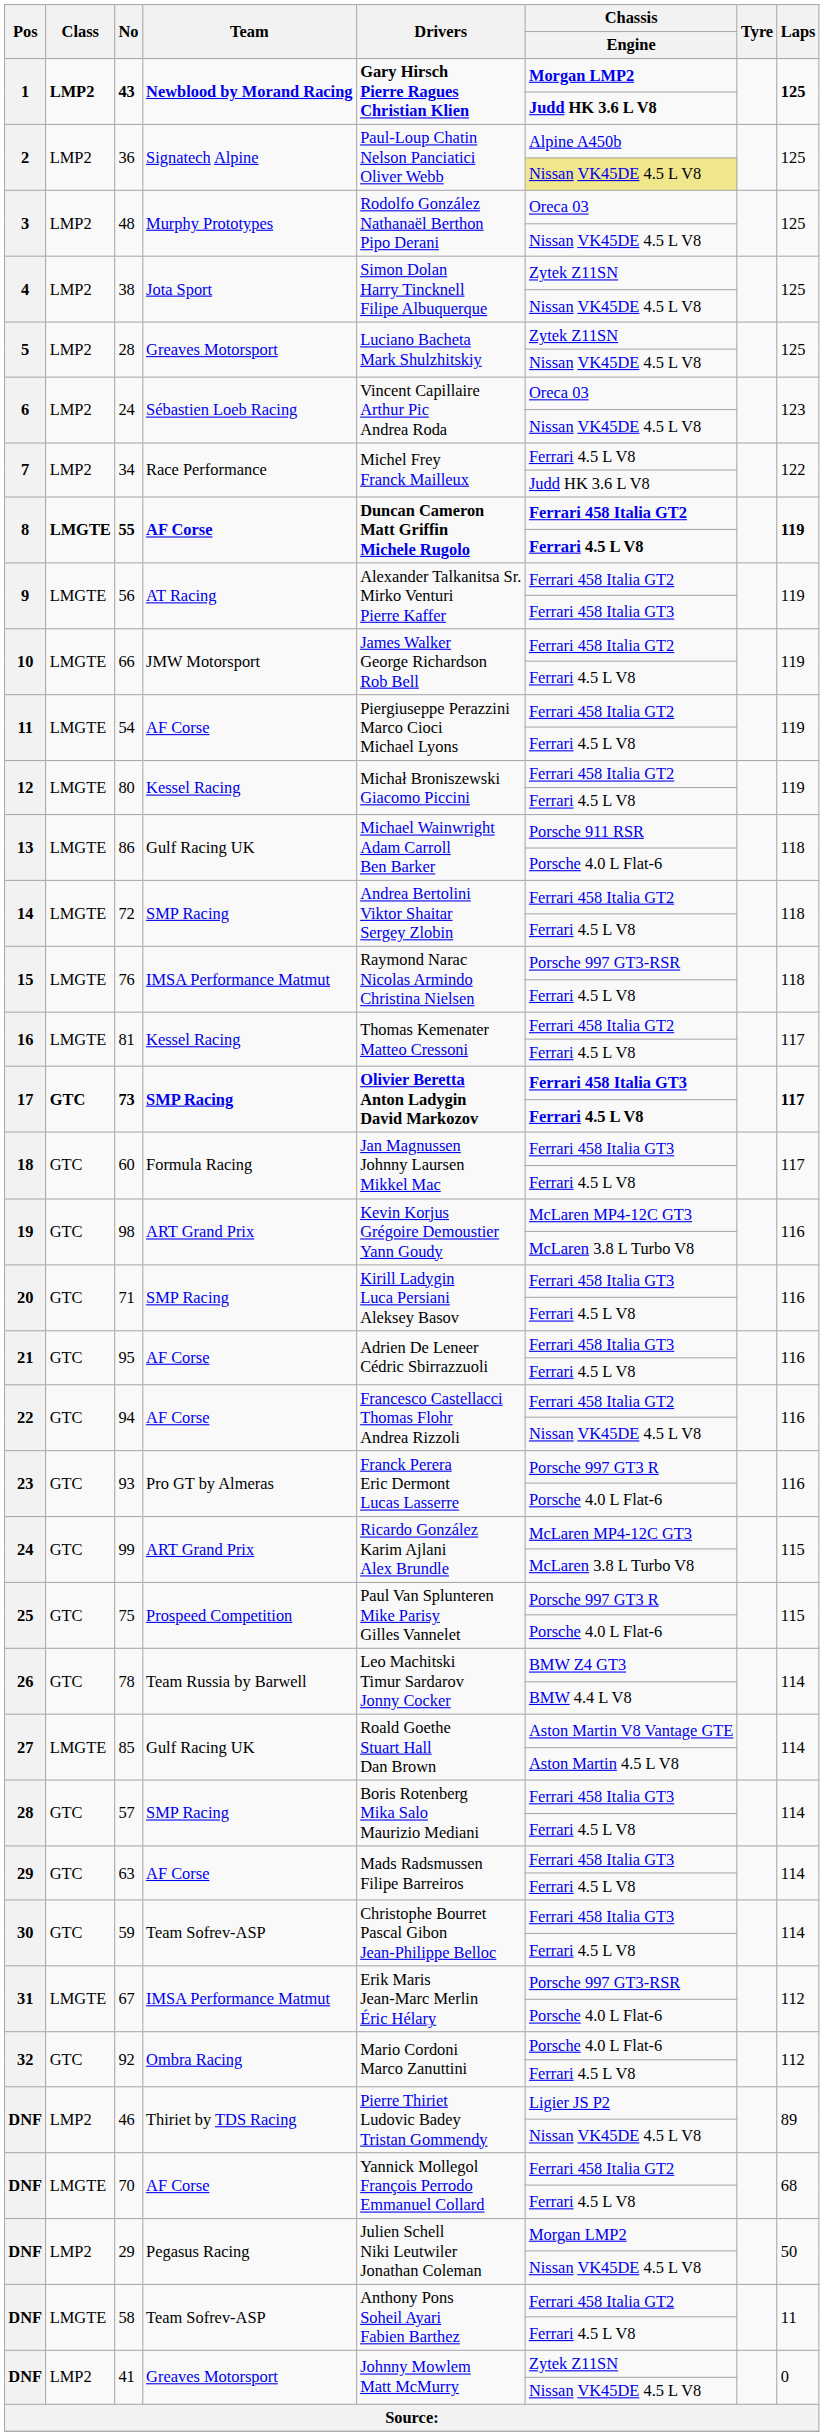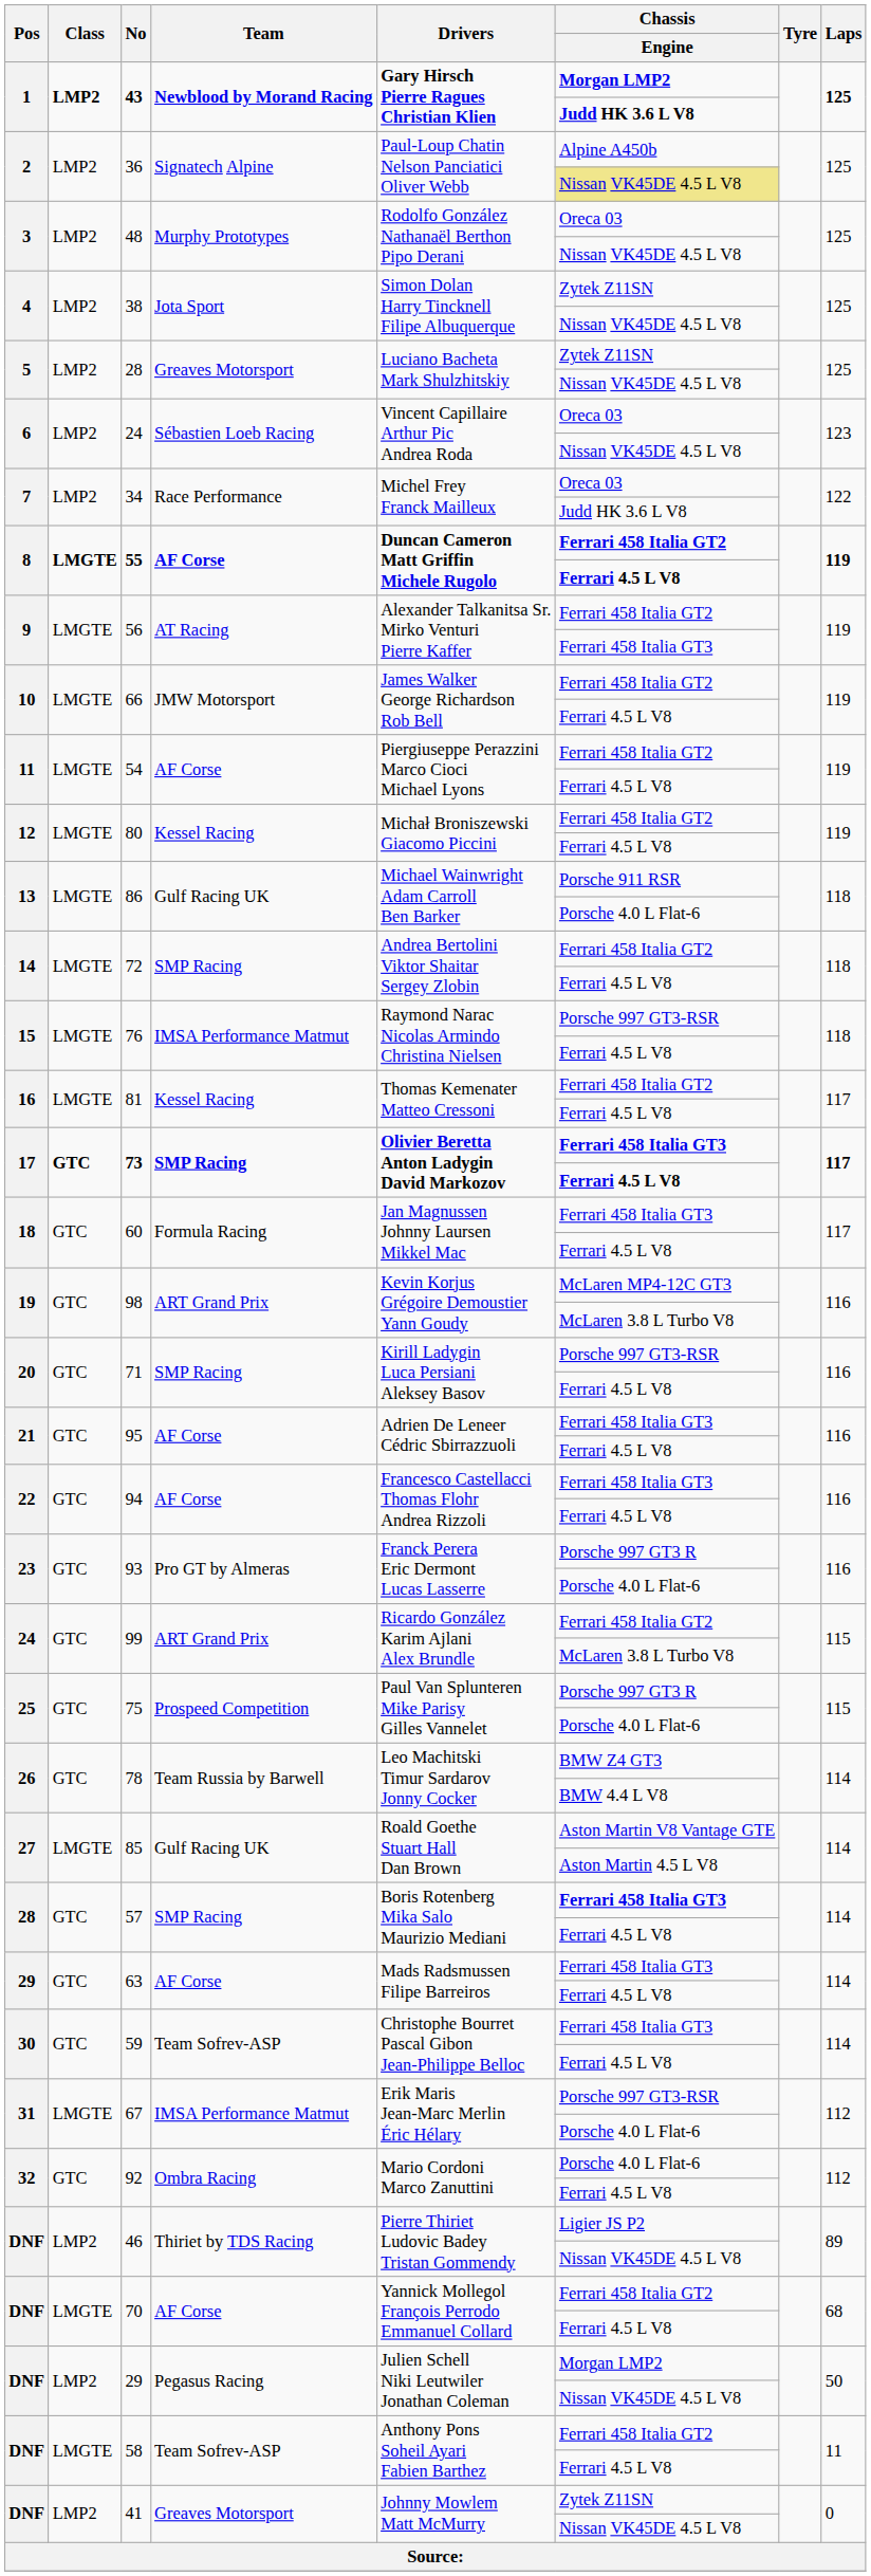 <table class="wikitable" style="font-size: 95%;">
 <tr>
 <th rowspan=2>Pos</th>
 <th rowspan=2>Class</th>
 <th rowspan=2>No</th>
 <th rowspan=2>Team</th>
 <th rowspan=2>Drivers</th>
 <th>Chassis</th>
 <th rowspan=2>Tyre</th>
 <th rowspan=2>Laps</th>
 </tr>
 <tr>
 <th>Engine</th>
 </tr>
 <tr>
 <th rowspan=2>1</th>
 <td rowspan=2><strong>LMP2</strong></td>
 <td rowspan=2><strong>43</strong></td>
 <td rowspan=2><strong> <a href='#'>Newblood by Morand Racing</a></strong></td>
 <td rowspan=2><strong> Gary Hirsch<br> <a href='#'>Pierre Ragues</a><br> <a href='#'>Christian Klien</a></strong></td>
 <td><strong><a href='#'>Morgan LMP2</a></strong></td>
 <td rowspan=2></td>
 <td rowspan=2><strong>125</strong></td>
 </tr>
 <tr>
 <td><strong><a href='#'>Judd</a> HK 3.6 L V8</strong></td>
 </tr>
 <tr>
 <th rowspan=2>2</th>
 <td rowspan=2>LMP2</td>
 <td rowspan=2>36</td>
 <td rowspan=2> <a href='#'>Signatech</a> <a href='#'>Alpine</a></td>
 <td rowspan=2> <a href='#'>Paul-Loup Chatin</a><br> <a href='#'>Nelson Panciatici</a><br> <a href='#'>Oliver Webb</a></td>
 <td><a href='#'>Alpine A450b</a></td>
 <td rowspan=2></td>
 <td rowspan=2>125</td>
 </tr>
 <tr>
 <td style="background: khaki;"><a href='#'>Nissan</a> <a href='#'>VK45DE</a> 4.5 L V8</td>
 </tr>
 <tr>
 <th rowspan=2>3</th>
 <td rowspan=2>LMP2</td>
 <td rowspan=2>48</td>
 <td rowspan=2> <a href='#'>Murphy Prototypes</a></td>
 <td rowspan=2> <a href='#'>Rodolfo González</a><br> <a href='#'>Nathanaël Berthon</a><br> <a href='#'>Pipo Derani</a></td>
 <td><a href='#'>Oreca 03</a></td>
 <td rowspan=2></td>
 <td rowspan=2>125</td>
 </tr>
 <tr>
 <td><a href='#'>Nissan</a> <a href='#'>VK45DE</a> 4.5 L V8</td>
 </tr>
 <tr>
 <th rowspan=2>4</th>
 <td rowspan=2>LMP2</td>
 <td rowspan=2>38</td>
 <td rowspan=2> <a href='#'>Jota Sport</a></td>
 <td rowspan=2> <a href='#'>Simon Dolan</a><br> <a href='#'>Harry Tincknell</a><br> <a href='#'>Filipe Albuquerque</a></td>
 <td><a href='#'>Zytek Z11SN</a></td>
 <td rowspan=2></td>
 <td rowspan=2>125</td>
 </tr>
 <tr>
 <td><a href='#'>Nissan</a> <a href='#'>VK45DE</a> 4.5 L V8</td>
 </tr>
 <tr>
 <th rowspan="2">5</th>
 <td rowspan="2">LMP2</td>
 <td rowspan="2">28</td>
 <td rowspan="2"> <a href='#'>Greaves Motorsport</a></td>
 <td rowspan="2"> <a href='#'>Luciano Bacheta</a><br> <a href='#'>Mark Shulzhitskiy</a></td>
 <td><a href='#'>Zytek Z11SN</a></td>
 <td rowspan="2"></td>
 <td rowspan="2">125</td>
 </tr>
 <tr>
 <td><a href='#'>Nissan</a> <a href='#'>VK45DE</a> 4.5 L V8</td>
 </tr>
 <tr>
 <th rowspan="2">6</th>
 <td rowspan="2">LMP2</td>
 <td rowspan="2">24</td>
 <td rowspan="2"> <a href='#'>Sébastien Loeb Racing</a></td>
 <td rowspan="2"> Vincent Capillaire<br> <a href='#'>Arthur Pic</a><br> Andrea Roda</td>
 <td><a href='#'>Oreca 03</a></td>
 <td rowspan="2"></td>
 <td rowspan="2">123</td>
 </tr>
 <tr>
 <td><a href='#'>Nissan</a> <a href='#'>VK45DE</a> 4.5 L V8</td>
 </tr>
 <tr>
 <th rowspan="2">7</th>
 <td rowspan="2">LMP2</td>
 <td rowspan="2">34</td>
 <td rowspan="2"> Race Performance</td>
 <td rowspan="2"> Michel Frey<br> <a href='#'>Franck Mailleux</a></td>
-<td><a href='#'>Ferrari</a> 4.5 L V8</td>
+<td><a href='#'>Oreca 03</a></td>
 <td rowspan="2"></td>
 <td rowspan="2">122</td>
 </tr>
 <tr>
 <td><a href='#'>Judd</a> HK 3.6 L V8</td>
 </tr>
 <tr>
 <th rowspan="2">8</th>
 <td rowspan="2"><strong>LMGTE</strong></td>
 <td rowspan="2"><strong>55</strong></td>
 <td rowspan="2"><strong> <a href='#'>AF Corse</a></strong></td>
 <td rowspan="2"><strong> Duncan Cameron<br> Matt Griffin<br> <a href='#'>Michele Rugolo</a></strong></td>
 <td><strong><a href='#'>Ferrari 458 Italia GT2</a></strong></td>
 <td rowspan="2"></td>
 <td rowspan="2"><strong>119</strong></td>
 </tr>
 <tr>
 <td><strong><a href='#'>Ferrari</a> 4.5 L V8</strong></td>
 </tr>
 <tr>
 <th rowspan=2>9</th>
 <td rowspan=2>LMGTE</td>
 <td rowspan=2>56</td>
 <td rowspan=2> <a href='#'>AT Racing</a></td>
 <td rowspan=2> Alexander Talkanitsa Sr.<br> Mirko Venturi<br> <a href='#'>Pierre Kaffer</a></td>
 <td><a href='#'>Ferrari 458 Italia GT2</a></td>
 <td rowspan=2></td>
 <td rowspan=2>119</td>
 </tr>
 <tr>
 <td><a href='#'>Ferrari 458 Italia GT3</a></td>
 </tr>
 <tr>
 <th rowspan=2>10</th>
 <td rowspan=2>LMGTE</td>
 <td rowspan=2>66</td>
 <td rowspan=2> JMW Motorsport</td>
 <td rowspan=2> <a href='#'>James Walker</a><br> George Richardson<br> <a href='#'>Rob Bell</a></td>
 <td><a href='#'>Ferrari 458 Italia GT2</a></td>
 <td rowspan=2></td>
 <td rowspan=2>119</td>
 </tr>
 <tr>
 <td><a href='#'>Ferrari</a> 4.5 L V8</td>
 </tr>
 <tr>
 <th rowspan=2>11</th>
 <td rowspan=2>LMGTE</td>
 <td rowspan=2>54</td>
 <td rowspan=2> <a href='#'>AF Corse</a></td>
 <td rowspan=2> Piergiuseppe Perazzini<br> Marco Cioci<br> Michael Lyons</td>
 <td><a href='#'>Ferrari 458 Italia GT2</a></td>
 <td rowspan=2></td>
 <td rowspan=2>119</td>
 </tr>
 <tr>
 <td><a href='#'>Ferrari</a> 4.5 L V8</td>
 </tr>
 <tr>
 <th rowspan=2>12</th>
 <td rowspan=2>LMGTE</td>
 <td rowspan=2>80</td>
 <td rowspan=2> <a href='#'>Kessel Racing</a></td>
 <td rowspan=2> Michał Broniszewski<br> <a href='#'>Giacomo Piccini</a></td>
 <td><a href='#'>Ferrari 458 Italia GT2</a></td>
 <td rowspan=2></td>
 <td rowspan=2>119</td>
 </tr>
 <tr>
 <td><a href='#'>Ferrari</a> 4.5 L V8</td>
 </tr>
 <tr>
 <th rowspan="2">13</th>
 <td rowspan="2">LMGTE</td>
 <td rowspan="2">86</td>
 <td rowspan="2"> Gulf Racing UK</td>
 <td rowspan="2"> <a href='#'>Michael Wainwright</a><br> <a href='#'>Adam Carroll</a><br> <a href='#'>Ben Barker</a></td>
 <td><a href='#'>Porsche 911 RSR</a></td>
 <td rowspan="2"></td>
 <td rowspan="2">118</td>
 </tr>
 <tr>
 <td><a href='#'>Porsche</a> 4.0 L Flat-6</td>
 </tr>
 <tr>
 <th rowspan="2">14</th>
 <td rowspan="2">LMGTE</td>
 <td rowspan="2">72</td>
 <td rowspan="2"> <a href='#'>SMP Racing</a></td>
 <td rowspan="2"> <a href='#'>Andrea Bertolini</a><br> <a href='#'>Viktor Shaitar</a><br> <a href='#'>Sergey Zlobin</a></td>
 <td><a href='#'>Ferrari 458 Italia GT2</a></td>
 <td rowspan="2"></td>
 <td rowspan="2">118</td>
 </tr>
 <tr>
 <td><a href='#'>Ferrari</a> 4.5 L V8</td>
 </tr>
 <tr>
 <th rowspan=2>15</th>
 <td rowspan=2>LMGTE</td>
 <td rowspan=2>76</td>
 <td rowspan=2> <a href='#'>IMSA Performance Matmut</a></td>
 <td rowspan=2> Raymond Narac<br> <a href='#'>Nicolas Armindo</a><br> <a href='#'>Christina Nielsen</a></td>
 <td><a href='#'>Porsche 997 GT3-RSR</a></td>
 <td rowspan=2></td>
 <td rowspan=2>118</td>
 </tr>
 <tr>
 <td><a href='#'>Ferrari</a> 4.5 L V8</td>
 </tr>
 <tr>
 <th rowspan=2>16</th>
 <td rowspan=2>LMGTE</td>
 <td rowspan=2>81</td>
 <td rowspan=2> <a href='#'>Kessel Racing</a></td>
 <td rowspan=2> Thomas Kemenater<br> <a href='#'>Matteo Cressoni</a></td>
 <td><a href='#'>Ferrari 458 Italia GT2</a></td>
 <td rowspan=2></td>
 <td rowspan=2>117</td>
 </tr>
 <tr>
 <td><a href='#'>Ferrari</a> 4.5 L V8</td>
 </tr>
 <tr>
 <th rowspan=2>17</th>
 <td rowspan=2><strong>GTC</strong></td>
 <td rowspan=2><strong>73</strong></td>
 <td rowspan=2><strong> <a href='#'>SMP Racing</a></strong></td>
 <td rowspan=2><strong> <a href='#'>Olivier Beretta</a><br> Anton Ladygin<br> David Markozov</strong></td>
 <td><a href='#'><strong>Ferrari 458 Italia GT3</strong></a></td>
 <td rowspan=2></td>
 <td rowspan=2><strong>117</strong></td>
 </tr>
 <tr>
 <td><strong><a href='#'>Ferrari</a> 4.5 L V8</strong></td>
 </tr>
 <tr>
 <th rowspan=2>18</th>
 <td rowspan=2>GTC</td>
 <td rowspan=2>60</td>
 <td rowspan=2> Formula Racing</td>
 <td rowspan=2> <a href='#'>Jan Magnussen</a><br> Johnny Laursen<br> <a href='#'>Mikkel Mac</a></td>
 <td><a href='#'>Ferrari 458 Italia GT3</a></td>
 <td rowspan=2></td>
 <td rowspan=2>117</td>
 </tr>
 <tr>
 <td><a href='#'>Ferrari</a> 4.5 L V8</td>
 </tr>
 <tr>
 <th rowspan=2>19</th>
 <td rowspan=2>GTC</td>
 <td rowspan=2>98</td>
 <td rowspan=2> <a href='#'>ART Grand Prix</a></td>
 <td rowspan=2> <a href='#'>Kevin Korjus</a><br> <a href='#'>Grégoire Demoustier</a><br> <a href='#'>Yann Goudy</a></td>
 <td><a href='#'>McLaren MP4-12C GT3</a></td>
 <td rowspan=2></td>
 <td rowspan=2>116</td>
 </tr>
 <tr>
 <td><a href='#'>McLaren</a> 3.8 L Turbo V8</td>
 </tr>
 <tr>
 <th rowspan=2>20</th>
 <td rowspan=2>GTC</td>
 <td rowspan=2>71</td>
 <td rowspan=2> <a href='#'>SMP Racing</a></td>
 <td rowspan=2> <a href='#'>Kirill Ladygin</a><br> <a href='#'>Luca Persiani</a><br> Aleksey Basov</td>
-<td><a href='#'>Ferrari 458 Italia GT3</a></td>
+<td><a href='#'>Porsche 997 GT3-RSR</a></td>
 <td rowspan=2></td>
 <td rowspan=2>116</td>
 </tr>
 <tr>
 <td><a href='#'>Ferrari</a> 4.5 L V8</td>
 </tr>
 <tr>
 <th rowspan=2>21</th>
 <td rowspan=2>GTC</td>
 <td rowspan=2>95</td>
 <td rowspan=2> <a href='#'>AF Corse</a></td>
 <td rowspan=2> Adrien De Leneer<br> Cédric Sbirrazzuoli</td>
 <td><a href='#'>Ferrari 458 Italia GT3</a></td>
 <td rowspan=2></td>
 <td rowspan=2>116</td>
 </tr>
 <tr>
 <td><a href='#'>Ferrari</a> 4.5 L V8</td>
 </tr>
 <tr>
 <th rowspan=2>22</th>
 <td rowspan=2>GTC</td>
 <td rowspan=2>94</td>
 <td rowspan=2> <a href='#'>AF Corse</a></td>
 <td rowspan=2> <a href='#'>Francesco Castellacci</a><br> <a href='#'>Thomas Flohr</a><br> Andrea Rizzoli</td>
-<td><a href='#'>Ferrari 458 Italia GT2</a></td>
+<td><a href='#'>Ferrari 458 Italia GT3</a></td>
 <td rowspan=2></td>
 <td rowspan=2>116</td>
 </tr>
 <tr>
-<td><a href='#'>Nissan</a> <a href='#'>VK45DE</a> 4.5 L V8</td>
+<td><a href='#'>Ferrari</a> 4.5 L V8</td>
 </tr>
 <tr>
 <th rowspan=2>23</th>
 <td rowspan=2>GTC</td>
 <td rowspan=2>93</td>
 <td rowspan=2> Pro GT by Almeras</td>
 <td rowspan=2> <a href='#'>Franck Perera</a><br> Eric Dermont<br> <a href='#'>Lucas Lasserre</a></td>
 <td><a href='#'>Porsche 997 GT3 R</a></td>
 <td rowspan=2></td>
 <td rowspan=2>116</td>
 </tr>
 <tr>
 <td><a href='#'>Porsche</a> 4.0 L Flat-6</td>
 </tr>
 <tr>
 <th rowspan=2>24</th>
 <td rowspan=2>GTC</td>
 <td rowspan=2>99</td>
 <td rowspan=2> <a href='#'>ART Grand Prix</a></td>
 <td rowspan=2> <a href='#'>Ricardo González</a><br> Karim Ajlani<br> <a href='#'>Alex Brundle</a></td>
-<td><a href='#'>McLaren MP4-12C GT3</a></td>
+<td><a href='#'>Ferrari 458 Italia GT2</a></td>
 <td rowspan=2></td>
 <td rowspan=2>115</td>
 </tr>
 <tr>
 <td><a href='#'>McLaren</a> 3.8 L Turbo V8</td>
 </tr>
 <tr>
 <th rowspan="2">25</th>
 <td rowspan="2">GTC</td>
 <td rowspan="2">75</td>
 <td rowspan="2"> <a href='#'>Prospeed Competition</a></td>
 <td rowspan="2"> Paul Van Splunteren<br> <a href='#'>Mike Parisy</a><br> Gilles Vannelet</td>
 <td><a href='#'>Porsche 997 GT3 R</a></td>
 <td rowspan="2"></td>
 <td rowspan="2">115</td>
 </tr>
 <tr>
 <td><a href='#'>Porsche</a> 4.0 L Flat-6</td>
 </tr>
 <tr>
 <th rowspan="2">26</th>
 <td rowspan="2">GTC</td>
 <td rowspan="2">78</td>
 <td rowspan="2"> Team Russia by Barwell</td>
 <td rowspan="2"> Leo Machitski<br> Timur Sardarov<br> <a href='#'>Jonny Cocker</a></td>
 <td><a href='#'>BMW Z4 GT3</a></td>
 <td rowspan="2"></td>
 <td rowspan="2">114</td>
 </tr>
 <tr>
 <td><a href='#'>BMW</a> 4.4 L V8</td>
 </tr>
 <tr>
 <th rowspan="2">27</th>
 <td rowspan="2">LMGTE</td>
 <td rowspan="2">85</td>
 <td rowspan="2"> Gulf Racing UK</td>
 <td rowspan="2"> Roald Goethe<br> <a href='#'>Stuart Hall</a><br> Dan Brown</td>
 <td><a href='#'>Aston Martin V8 Vantage GTE</a></td>
 <td rowspan="2"></td>
 <td rowspan="2">114</td>
 </tr>
 <tr>
 <td><a href='#'>Aston Martin</a> 4.5 L V8</td>
 </tr>
 <tr>
 <th rowspan="2">28</th>
 <td rowspan="2">GTC</td>
 <td rowspan="2">57</td>
 <td rowspan="2"> <a href='#'>SMP Racing</a></td>
 <td rowspan="2"> Boris Rotenberg<br> <a href='#'>Mika Salo</a><br> Maurizio Mediani</td>
-<td><a href='#'>Ferrari 458 Italia GT3</a></td>
+<td><strong><a href='#'>Ferrari 458 Italia GT3</a></strong></td>
 <td rowspan="2"></td>
 <td rowspan="2">114</td>
 </tr>
 <tr>
 <td><a href='#'>Ferrari</a> 4.5 L V8</td>
 </tr>
 <tr>
 <th rowspan="2">29</th>
 <td rowspan="2">GTC</td>
 <td rowspan="2">63</td>
 <td rowspan="2"> <a href='#'>AF Corse</a></td>
 <td rowspan="2"> Mads Radsmussen<br> Filipe Barreiros</td>
 <td><a href='#'>Ferrari 458 Italia GT3</a></td>
 <td rowspan="2"></td>
 <td rowspan="2">114</td>
 </tr>
 <tr>
 <td><a href='#'>Ferrari</a> 4.5 L V8</td>
 </tr>
 <tr>
 <th rowspan="2">30</th>
 <td rowspan="2">GTC</td>
 <td rowspan="2">59</td>
 <td rowspan="2"> Team Sofrev-ASP</td>
 <td rowspan="2"> Christophe Bourret<br> Pascal Gibon<br> <a href='#'>Jean-Philippe Belloc</a></td>
 <td><a href='#'>Ferrari 458 Italia GT3</a></td>
 <td rowspan="2"></td>
 <td rowspan="2">114</td>
 </tr>
 <tr>
 <td><a href='#'>Ferrari</a> 4.5 L V8</td>
 </tr>
 <tr>
 <th rowspan="2">31</th>
 <td rowspan="2">LMGTE</td>
 <td rowspan="2">67</td>
 <td rowspan="2"> <a href='#'>IMSA Performance Matmut</a></td>
 <td rowspan="2"> Erik Maris<br> Jean-Marc Merlin<br> <a href='#'>Éric Hélary</a></td>
 <td><a href='#'>Porsche 997 GT3-RSR</a></td>
 <td rowspan="2"></td>
 <td rowspan="2">112</td>
 </tr>
 <tr>
 <td><a href='#'>Porsche</a> 4.0 L Flat-6</td>
 </tr>
 <tr>
 <th rowspan="2">32</th>
 <td rowspan="2">GTC</td>
 <td rowspan="2">92</td>
 <td rowspan="2"> <a href='#'>Ombra Racing</a></td>
 <td rowspan="2"> Mario Cordoni<br> Marco Zanuttini</td>
 <td><a href='#'>Porsche</a> 4.0 L Flat-6</td>
 <td rowspan="2"></td>
 <td rowspan="2">112</td>
 </tr>
 <tr>
 <td><a href='#'>Ferrari</a> 4.5 L V8</td>
 </tr>
 <tr>
 <th rowspan="2">DNF</th>
 <td rowspan="2">LMP2</td>
 <td rowspan="2">46</td>
 <td rowspan="2"> Thiriet by <a href='#'>TDS Racing</a></td>
 <td rowspan="2"> <a href='#'>Pierre Thiriet</a><br> Ludovic Badey<br> <a href='#'>Tristan Gommendy</a></td>
 <td><a href='#'>Ligier JS P2</a></td>
 <td rowspan="2"></td>
 <td rowspan="2">89</td>
 </tr>
 <tr>
 <td><a href='#'>Nissan</a> <a href='#'>VK45DE</a> 4.5 L V8</td>
 </tr>
 <tr>
 <th rowspan="2">DNF</th>
 <td rowspan="2">LMGTE</td>
 <td rowspan="2">70</td>
 <td rowspan="2"> <a href='#'>AF Corse</a></td>
 <td rowspan="2"> Yannick Mollegol<br> <a href='#'>François Perrodo</a><br> <a href='#'>Emmanuel Collard</a></td>
 <td><a href='#'>Ferrari 458 Italia GT2</a></td>
 <td rowspan="2"></td>
 <td rowspan="2">68</td>
 </tr>
 <tr>
 <td><a href='#'>Ferrari</a> 4.5 L V8</td>
 </tr>
 <tr>
 <th rowspan="2">DNF</th>
 <td rowspan="2">LMP2</td>
 <td rowspan="2">29</td>
 <td rowspan="2"> Pegasus Racing</td>
 <td rowspan="2"> Julien Schell<br> Niki Leutwiler<br> Jonathan Coleman</td>
 <td><a href='#'>Morgan LMP2</a></td>
 <td rowspan="2"></td>
 <td rowspan="2">50</td>
 </tr>
 <tr>
 <td><a href='#'>Nissan</a> <a href='#'>VK45DE</a> 4.5 L V8</td>
 </tr>
 <tr>
 <th rowspan="2">DNF</th>
 <td rowspan="2">LMGTE</td>
 <td rowspan="2">58</td>
 <td rowspan="2"> Team Sofrev-ASP</td>
 <td rowspan="2"> Anthony Pons<br> <a href='#'>Soheil Ayari</a><br> <a href='#'>Fabien Barthez</a></td>
 <td><a href='#'>Ferrari 458 Italia GT2</a></td>
 <td rowspan="2"></td>
 <td rowspan="2">11</td>
 </tr>
 <tr>
 <td><a href='#'>Ferrari</a> 4.5 L V8</td>
 </tr>
 <tr>
 <th rowspan="2">DNF</th>
 <td rowspan="2">LMP2</td>
 <td rowspan="2">41</td>
 <td rowspan="2"> <a href='#'>Greaves Motorsport</a></td>
 <td rowspan="2"> <a href='#'>Johnny Mowlem</a><br> <a href='#'>Matt McMurry</a></td>
 <td><a href='#'>Zytek Z11SN</a></td>
 <td rowspan="2"></td>
 <td rowspan="2">0</td>
 </tr>
 <tr>
 <td><a href='#'>Nissan</a> <a href='#'>VK45DE</a> 4.5 L V8</td>
 </tr>
 <tr>
 <th colspan="8">Source:</th>
 </tr>
 <tr>
 </tr>
 </table>
